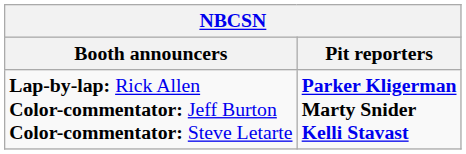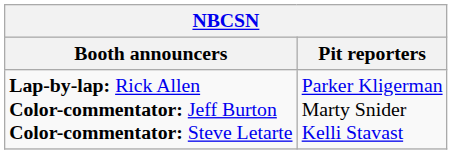 <table class="wikitable" style="font-size: 95%">
 <tr>
 <th colspan="2"><a href='#'>NBCSN</a></th>
 </tr>
 <tr>
 <th>Booth announcers</th>
 <th>Pit reporters</th>
 </tr>
 <tr>
 <td><strong>Lap-by-lap:</strong> <a href='#'>Rick Allen</a><br><strong>Color-commentator:</strong> <a href='#'>Jeff Burton</a><br><strong>Color-commentator:</strong> <a href='#'>Steve Letarte</a></td>
-<td><strong><a href='#'>Parker Kligerman</a><br>Marty Snider<br><a href='#'>Kelli Stavast</a></strong></td>
+<td><a href='#'>Parker Kligerman</a><br>Marty Snider<br><a href='#'>Kelli Stavast</a></td>
 </tr>
 </table>
